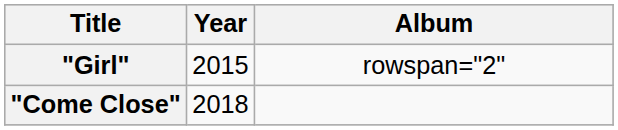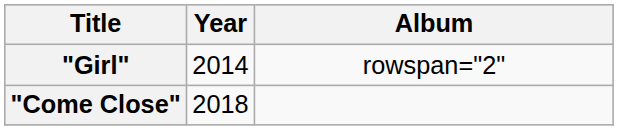 <table class="wikitable plainrowheaders" style="text-align:center;">
 <tr>
 <th scope="col">Title</th>
 <th scope="col">Year</th>
 <th scope="col" width="220">Album</th>
 </tr>
 <tr>
 <th scope="row">"Girl" </th>
-<td>2015</td>
+<td>2014</td>
 <td>rowspan="2" </td>
 </tr>
 <tr>
 <th scope="row">"Come Close" </th>
 <td>2018</td>
 </tr>
 </table>
